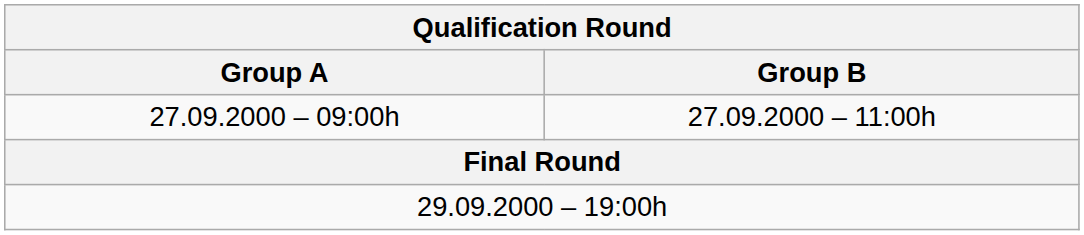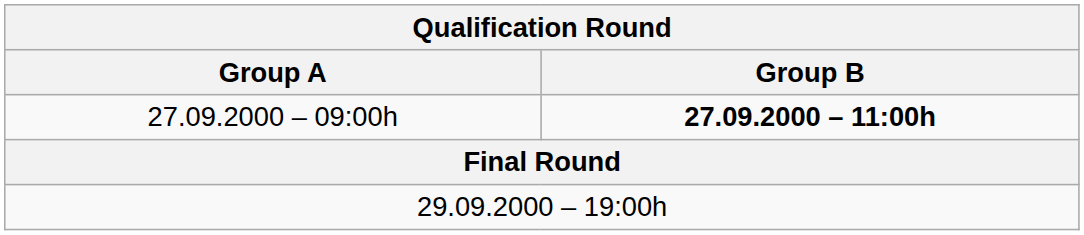 <table class="wikitable" style=" text-align:center; font-size:110%;" width="35%">
 <tr>
 <th colspan="2">Qualification Round</th>
 </tr>
 <tr>
 <th>Group A</th>
 <th>Group B</th>
 </tr>
 <tr>
 <td>27.09.2000 – 09:00h</td>
-<td>27.09.2000 – 11:00h</td>
+<td><strong>27.09.2000 – 11:00h</strong></td>
 </tr>
 <tr>
 <th colspan="2">Final Round</th>
 </tr>
 <tr>
 <td colspan="2">29.09.2000 – 19:00h</td>
 </tr>
 </table>
